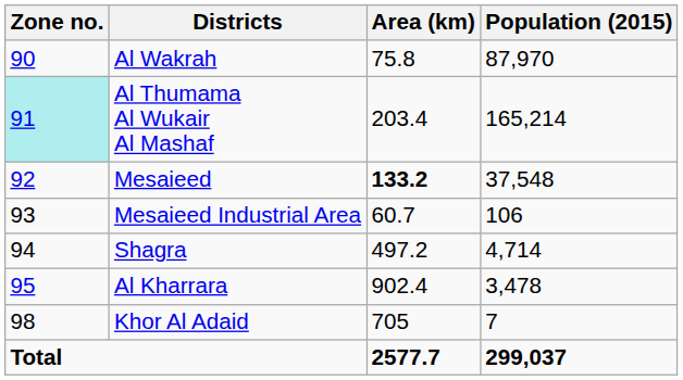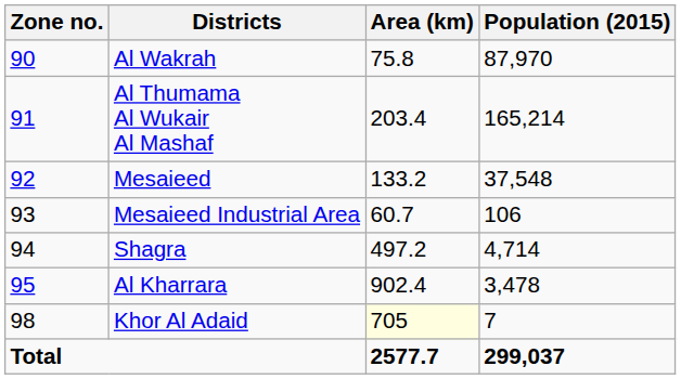 <table class="wikitable">
 <tr>
 <th>Zone no.</th>
 <th>Districts</th>
 <th>Area (km)</th>
 <th>Population (2015)</th>
 </tr>
 <tr>
 <td><a href='#'>90</a></td>
 <td><a href='#'>Al Wakrah</a></td>
 <td>75.8</td>
 <td>87,970</td>
 </tr>
 <tr>
-<td style="background: paleturquoise;"><a href='#'>91</a></td>
+<td><a href='#'>91</a></td>
 <td><a href='#'>Al Thumama</a> <br> <a href='#'>Al Wukair</a> <br> <a href='#'>Al Mashaf</a></td>
 <td>203.4</td>
 <td>165,214</td>
 </tr>
 <tr>
 <td><a href='#'>92</a></td>
 <td><a href='#'>Mesaieed</a></td>
-<td><strong>133.2</strong></td>
+<td>133.2</td>
 <td>37,548</td>
 </tr>
 <tr>
 <td>93</td>
 <td><a href='#'>Mesaieed Industrial Area</a></td>
 <td>60.7</td>
 <td>106</td>
 </tr>
 <tr>
 <td>94</td>
 <td><a href='#'>Shagra</a></td>
 <td>497.2</td>
 <td>4,714</td>
 </tr>
 <tr>
 <td><a href='#'>95</a></td>
 <td><a href='#'>Al Kharrara</a></td>
 <td>902.4</td>
 <td>3,478</td>
 </tr>
 <tr>
 <td>98</td>
 <td><a href='#'>Khor Al Adaid</a></td>
-<td>705</td>
+<td style="background: lightyellow;">705</td>
 <td>7</td>
 </tr>
 <tr>
 <td colspan="2"><strong>Total</strong></td>
 <td><strong>2577.7</strong></td>
 <td><strong>299,037</strong></td>
 </tr>
 </table>
